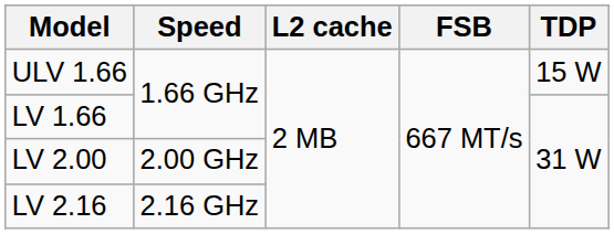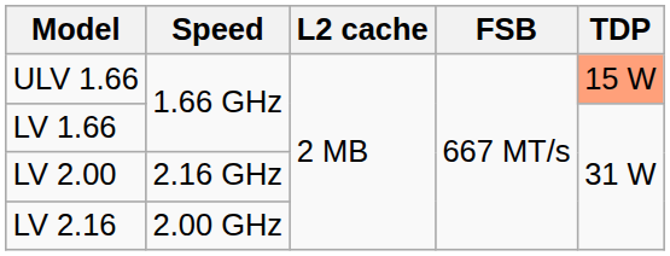 <table class="wikitable sortable">
 <tr>
 <th scope="col">Model</th>
 <th scope="col">Speed</th>
 <th scope="col">L2 cache</th>
 <th scope="col">FSB</th>
 <th scope="col">TDP</th>
 </tr>
 <tr>
 <td>ULV 1.66</td>
 <td rowspan="2">1.66 GHz</td>
 <td rowspan="4">2 MB</td>
 <td rowspan="4">667 MT/s</td>
-<td>15 W</td>
+<td style="background: lightsalmon;">15 W</td>
 </tr>
 <tr>
 <td>LV 1.66</td>
 <td rowspan="3">31 W</td>
 </tr>
 <tr>
 <td>LV 2.00</td>
-<td>2.00 GHz</td>
+<td>2.16 GHz</td>
 </tr>
 <tr>
 <td>LV 2.16</td>
-<td>2.16 GHz</td>
+<td>2.00 GHz</td>
 </tr>
 </table>
